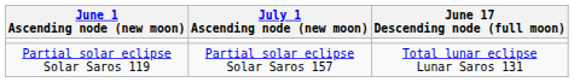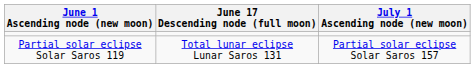 <table class="wikitable">
 <tr>
 <th><a href='#'>June 1</a><br>Ascending node (new moon)<br></th>
+<th>June 17<br>Descending node (full moon)<br></th>
 <th><a href='#'>July 1</a><br>Ascending node (new moon)<br></th>
-<th>June 17<br>Descending node (full moon)<br></th>
 </tr>
 <tr>
 <td></td>
 <td></td>
 <td></td>
 </tr>
 <tr align=center>
 <td><a href='#'>Partial solar eclipse</a><br>Solar Saros 119</td>
+<td><a href='#'>Total lunar eclipse</a><br>Lunar Saros 131</td>
 <td><a href='#'>Partial solar eclipse</a><br>Solar Saros 157</td>
-<td><a href='#'>Total lunar eclipse</a><br>Lunar Saros 131</td>
 </tr>
 </table>
